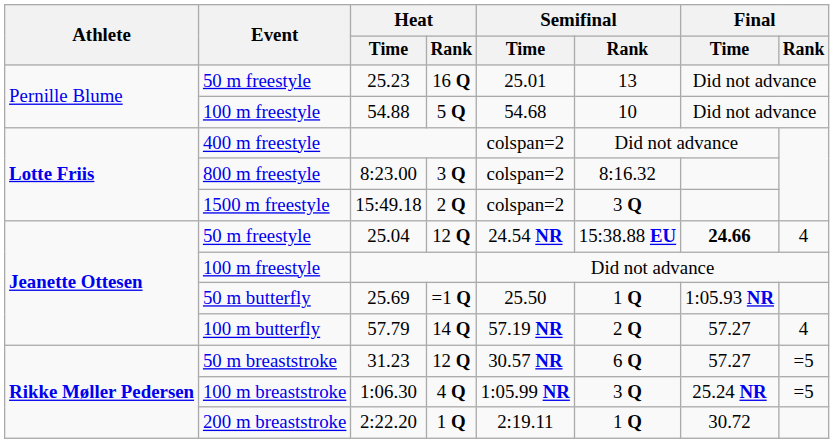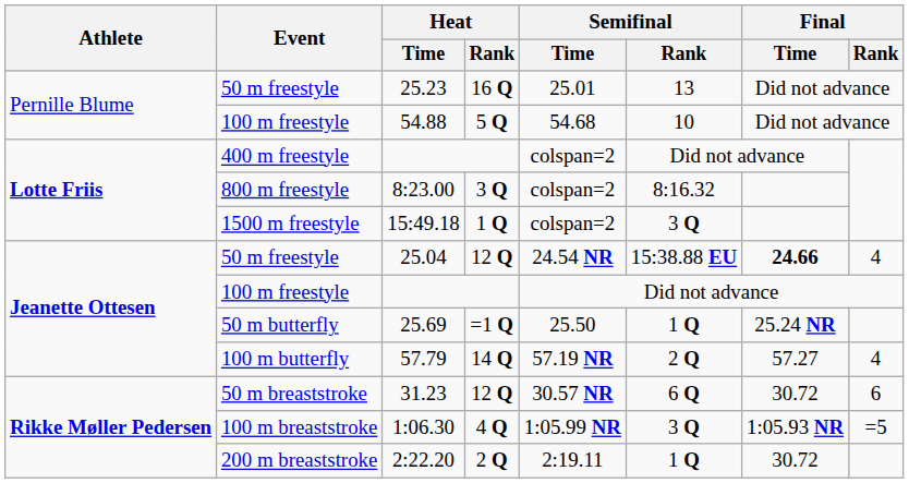 <table class=wikitable style="font-size:90%">
 <tr>
 <th rowspan=2>Athlete</th>
 <th rowspan=2>Event</th>
 <th colspan="2">Heat</th>
 <th colspan="2">Semifinal</th>
 <th colspan="2">Final</th>
 </tr>
 <tr style="font-size:95%">
 <th>Time</th>
 <th>Rank</th>
 <th>Time</th>
 <th>Rank</th>
 <th>Time</th>
 <th>Rank</th>
 </tr>
 <tr align=center>
 <td align=left rowspan=2><a href='#'>Pernille Blume</a></td>
 <td align=left><a href='#'>50 m freestyle</a></td>
 <td>25.23</td>
 <td>16 <strong>Q</strong></td>
 <td>25.01</td>
 <td>13</td>
 <td colspan="2">Did not advance</td>
 </tr>
 <tr align=center>
 <td align=left><a href='#'>100 m freestyle</a></td>
 <td>54.88</td>
 <td>5 <strong>Q</strong></td>
 <td>54.68</td>
 <td>10</td>
 <td colspan=2>Did not advance</td>
 </tr>
 <tr align=center>
 <td align=left rowspan=3><strong><a href='#'>Lotte Friis</a></strong></td>
 <td align=left><a href='#'>400 m freestyle</a></td>
 <td colspan=2></td>
 <td>colspan=2 </td>
 <td colspan=2>Did not advance</td>
 </tr>
 <tr align=center>
 <td align=left><a href='#'>800 m freestyle</a></td>
 <td>8:23.00</td>
 <td>3 <strong>Q</strong></td>
 <td>colspan=2 </td>
 <td>8:16.32</td>
 <td></td>
 </tr>
 <tr align=center>
 <td align=left><a href='#'>1500 m freestyle</a></td>
 <td>15:49.18</td>
-<td>2 <strong>Q</strong></td>
+<td>1 <strong>Q</strong></td>
 <td>colspan=2 </td>
 <td>3 <strong>Q</strong></td>
 <td></td>
 </tr>
 <tr align=center>
 <td align=left rowspan=4><strong><a href='#'>Jeanette Ottesen</a></strong></td>
 <td align=left><a href='#'>50 m freestyle</a></td>
 <td>25.04</td>
 <td>12 <strong>Q</strong></td>
 <td>24.54 <strong><a href='#'>NR</a></strong></td>
 <td>15:38.88 <strong><a href='#'>EU</a></strong></td>
 <td><strong>24.66</strong></td>
 <td>4</td>
 </tr>
 <tr align=center>
 <td align=left><a href='#'>100 m freestyle</a></td>
 <td colspan=2></td>
 <td colspan=4>Did not advance</td>
 </tr>
 <tr align=center>
 <td align=left><a href='#'>50 m butterfly</a></td>
 <td>25.69</td>
 <td>=1 <strong>Q</strong></td>
 <td>25.50</td>
 <td>1 <strong>Q</strong></td>
-<td>1:05.93 <strong><a href='#'>NR</a></strong></td>
+<td>25.24 <strong><a href='#'>NR</a></strong></td>
 <td></td>
 </tr>
 <tr align=center>
 <td align=left><a href='#'>100 m butterfly</a></td>
 <td>57.79</td>
 <td>14 <strong>Q</strong></td>
 <td>57.19 <strong><a href='#'>NR</a></strong></td>
 <td>2 <strong>Q</strong></td>
 <td>57.27</td>
 <td>4</td>
 </tr>
 <tr align=center>
 <td align=left rowspan=3><strong><a href='#'>Rikke Møller Pedersen</a></strong></td>
 <td align=left><a href='#'>50 m breaststroke</a></td>
 <td>31.23</td>
 <td>12 <strong>Q</strong></td>
 <td>30.57 <strong><a href='#'>NR</a></strong></td>
 <td>6 <strong>Q</strong></td>
-<td>57.27</td>
-<td>=5</td>
+<td>30.72</td>
+<td>6</td>
 </tr>
 <tr align=center>
 <td align=left><a href='#'>100 m breaststroke</a></td>
 <td>1:06.30</td>
 <td>4 <strong>Q</strong></td>
 <td>1:05.99 <strong><a href='#'>NR</a></strong></td>
 <td>3 <strong>Q</strong></td>
-<td>25.24 <strong><a href='#'>NR</a></strong></td>
+<td>1:05.93 <strong><a href='#'>NR</a></strong></td>
 <td>=5</td>
 </tr>
 <tr align=center>
 <td align=left><a href='#'>200 m breaststroke</a></td>
 <td>2:22.20</td>
-<td>1 <strong>Q</strong></td>
+<td>2 <strong>Q</strong></td>
 <td>2:19.11 </td>
 <td>1 <strong>Q</strong></td>
 <td>30.72</td>
 <td></td>
 </tr>
 </table>
